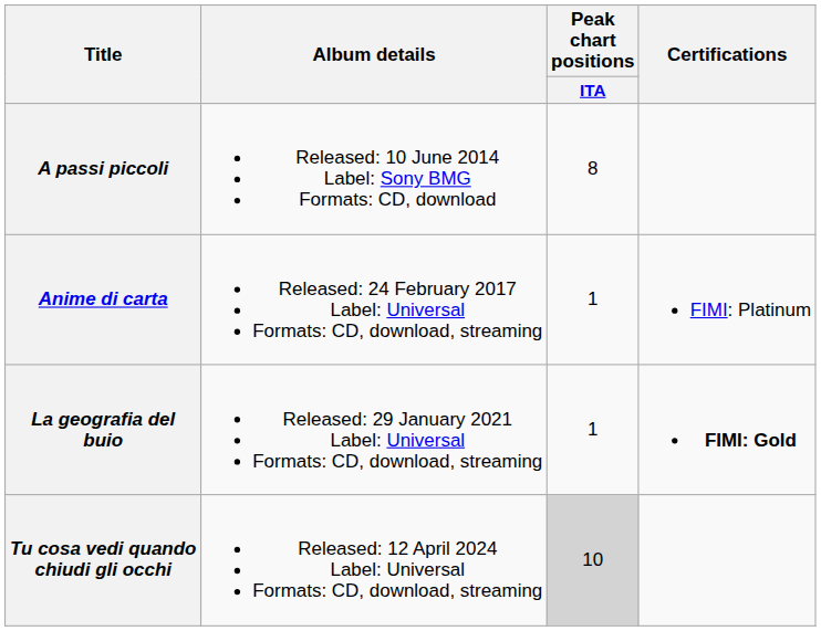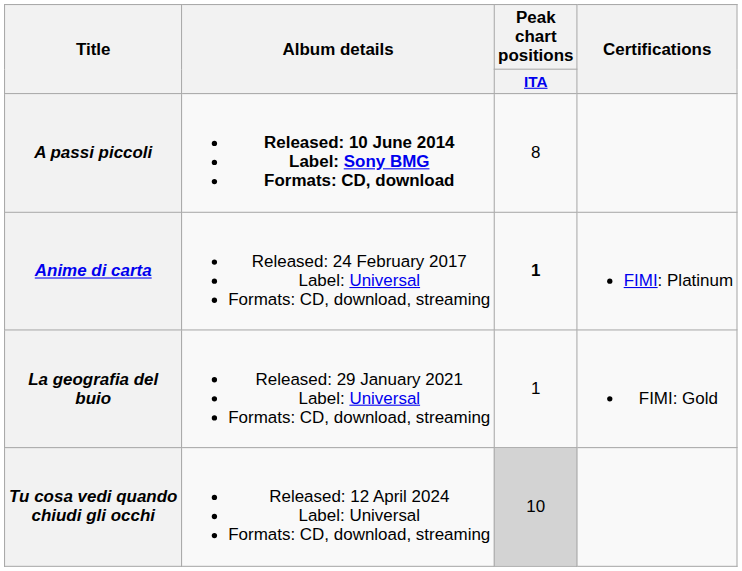 <table class="wikitable plainrowheaders" style="text-align:center;" border="1">
 <tr>
 <th scope="col" rowspan="2" style="width:10em;">Title</th>
 <th scope="col" rowspan="2">Album details</th>
 <th scope="col" colspan="1">Peak chart positions</th>
 <th scope="col" rowspan="2">Certifications</th>
 </tr>
 <tr>
 <th scope="col" style="width:3em;font-size:90%;"><a href='#'>ITA</a><br></th>
 </tr>
 <tr>
 <th scope="row"><em>A passi piccoli</em></th>
-<td><br><ul><li>Released: 10 June 2014</li><li>Label: <a href='#'>Sony BMG</a></li><li>Formats: CD, download</li></ul></td>
+<td><strong><br><ul><li>Released: 10 June 2014</li><li>Label: <a href='#'>Sony BMG</a></li><li>Formats: CD, download</li></ul></strong></td>
 <td>8</td>
 <td></td>
 </tr>
 <tr>
 <th scope="row"><em><a href='#'>Anime di carta</a></em></th>
 <td><br><ul><li>Released: 24 February 2017</li><li>Label: <a href='#'>Universal</a></li><li>Formats: CD, download, streaming</li></ul></td>
-<td>1</td>
+<td><strong>1</strong></td>
 <td><br><ul><li><a href='#'>FIMI</a>: Platinum</li></ul></td>
 </tr>
 <tr>
 <th scope="row"><em>La geografia del buio</em></th>
 <td><br><ul><li>Released: 29 January 2021</li><li>Label: <a href='#'>Universal</a></li><li>Formats: CD, download, streaming</li></ul></td>
 <td>1</td>
-<td><strong><br><ul><li>FIMI: Gold</li></ul></strong></td>
+<td><br><ul><li>FIMI: Gold</li></ul></td>
 </tr>
 <tr>
 <th scope="row"><em>Tu cosa vedi quando chiudi gli occhi</em></th>
 <td><br><ul><li>Released: 12 April 2024</li><li>Label: Universal</li><li>Formats: CD, download, streaming</li></ul></td>
 <td style="background: lightgrey;">10<br></td>
 <td></td>
 </tr>
 </table>
